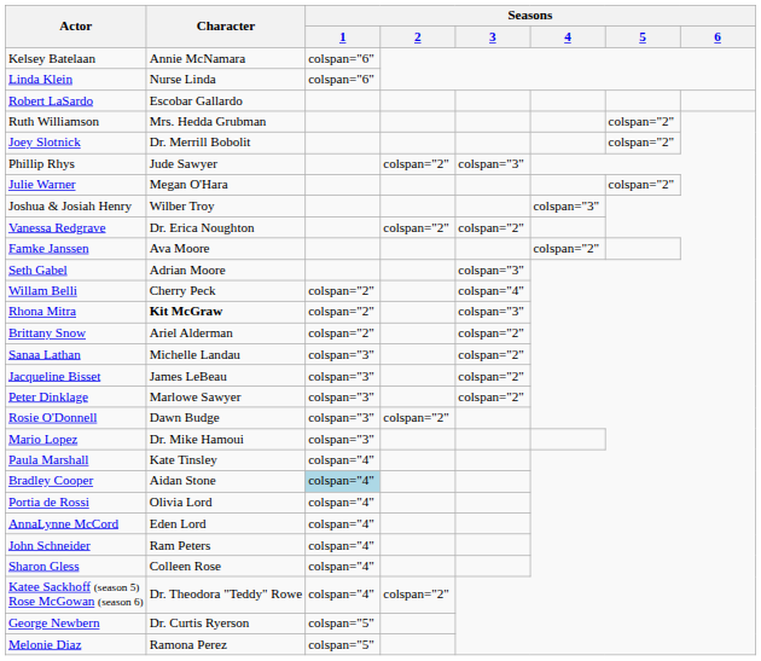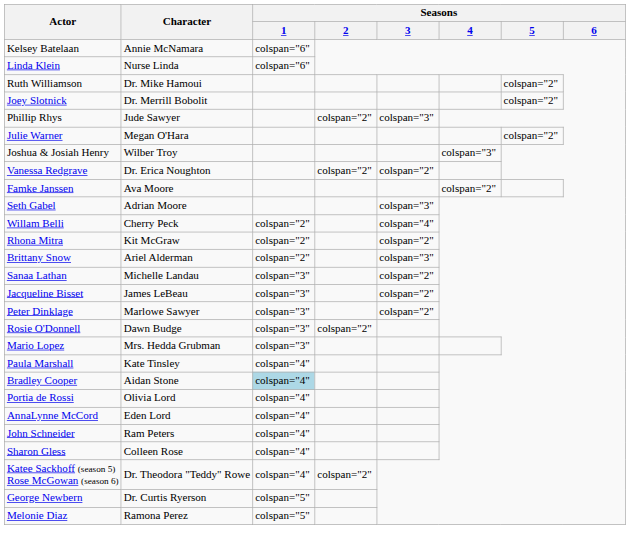 <table class="wikitable plainrowheaders">
 <tr>
 <th scope="col" rowspan="2">Actor</th>
 <th scope="col" rowspan="2">Character</th>
 <th scope="col" colspan="6">Seasons</th>
 </tr>
 <tr>
 <th style="width:10%;"><a href='#'>1</a></th>
 <th style="width:10%;"><a href='#'>2</a></th>
 <th style="width:10%;"><a href='#'>3</a></th>
 <th style="width:10%;"><a href='#'>4</a></th>
 <th style="width:10%;"><a href='#'>5</a></th>
 <th style="width:10%;"><a href='#'>6</a></th>
 </tr>
 <tr>
 <td>Kelsey Batelaan</td>
 <td>Annie McNamara</td>
 <td>colspan="6" </td>
 </tr>
 <tr>
 <td><a href='#'>Linda Klein</a></td>
 <td>Nurse Linda</td>
 <td>colspan="6" </td>
 </tr>
 <tr>
-<td><a href='#'>Robert LaSardo</a></td>
-<td>Escobar Gallardo</td>
-<td></td>
-<td></td>
-<td></td>
-<td></td>
-<td></td>
-<td></td>
-</tr>
-<tr>
 <td>Ruth Williamson</td>
-<td>Mrs. Hedda Grubman</td>
+<td>Dr. Mike Hamoui</td>
 <td></td>
 <td></td>
 <td></td>
 <td></td>
 <td>colspan="2" </td>
 </tr>
 <tr>
 <td><a href='#'>Joey Slotnick</a></td>
 <td>Dr. Merrill Bobolit</td>
 <td></td>
 <td></td>
 <td></td>
 <td></td>
 <td>colspan="2" </td>
 </tr>
 <tr>
 <td>Phillip Rhys</td>
 <td>Jude Sawyer</td>
 <td></td>
 <td>colspan="2" </td>
 <td>colspan="3" </td>
 </tr>
 <tr>
 <td><a href='#'>Julie Warner</a></td>
 <td>Megan O'Hara</td>
 <td></td>
 <td></td>
 <td></td>
 <td></td>
 <td>colspan="2" </td>
 </tr>
 <tr>
 <td>Joshua & Josiah Henry</td>
 <td>Wilber Troy</td>
 <td></td>
 <td></td>
 <td></td>
 <td>colspan="3" </td>
 </tr>
 <tr>
 <td><a href='#'>Vanessa Redgrave</a></td>
 <td>Dr. Erica Noughton</td>
 <td></td>
 <td>colspan="2" </td>
 <td>colspan="2" </td>
 <td></td>
 </tr>
 <tr>
 <td><a href='#'>Famke Janssen</a></td>
 <td>Ava Moore</td>
 <td></td>
 <td></td>
 <td></td>
 <td>colspan="2" </td>
 <td></td>
 </tr>
 <tr>
 <td><a href='#'>Seth Gabel</a></td>
 <td>Adrian Moore</td>
 <td></td>
 <td></td>
 <td>colspan="3" </td>
 </tr>
 <tr>
 <td><a href='#'>Willam Belli</a></td>
 <td>Cherry Peck</td>
 <td>colspan="2" </td>
 <td></td>
 <td>colspan="4" </td>
 </tr>
 <tr>
 <td><a href='#'>Rhona Mitra</a></td>
-<td><strong>Kit McGraw</strong></td>
+<td>Kit McGraw</td>
 <td>colspan="2" </td>
 <td></td>
-<td>colspan="3" </td>
+<td>colspan="2" </td>
 </tr>
 <tr>
 <td><a href='#'>Brittany Snow</a></td>
 <td>Ariel Alderman</td>
 <td>colspan="2" </td>
 <td></td>
-<td>colspan="2" </td>
+<td>colspan="3" </td>
 </tr>
 <tr>
 <td><a href='#'>Sanaa Lathan</a></td>
 <td>Michelle Landau</td>
 <td>colspan="3" </td>
 <td></td>
 <td>colspan="2" </td>
 </tr>
 <tr>
 <td><a href='#'>Jacqueline Bisset</a></td>
 <td>James LeBeau</td>
 <td>colspan="3" </td>
 <td></td>
 <td>colspan="2" </td>
 </tr>
 <tr>
 <td><a href='#'>Peter Dinklage</a></td>
 <td>Marlowe Sawyer</td>
 <td>colspan="3" </td>
 <td></td>
 <td>colspan="2" </td>
 </tr>
 <tr>
 <td><a href='#'>Rosie O'Donnell</a></td>
 <td>Dawn Budge</td>
 <td>colspan="3" </td>
 <td>colspan="2" </td>
 <td></td>
 </tr>
 <tr>
 <td><a href='#'>Mario Lopez</a></td>
-<td>Dr. Mike Hamoui</td>
+<td>Mrs. Hedda Grubman</td>
 <td>colspan="3" </td>
 <td></td>
 <td></td>
 <td></td>
 </tr>
 <tr>
 <td><a href='#'>Paula Marshall</a></td>
 <td>Kate Tinsley</td>
 <td>colspan="4" </td>
 <td></td>
 <td></td>
 </tr>
 <tr>
 <td><a href='#'>Bradley Cooper</a></td>
 <td>Aidan Stone</td>
 <td style="background: lightblue;">colspan="4" </td>
 <td></td>
 <td></td>
 </tr>
 <tr>
 <td><a href='#'>Portia de Rossi</a></td>
 <td>Olivia Lord</td>
 <td>colspan="4" </td>
 <td></td>
 <td></td>
 </tr>
 <tr>
 <td><a href='#'>AnnaLynne McCord</a></td>
 <td>Eden Lord</td>
 <td>colspan="4" </td>
 <td></td>
 <td></td>
 </tr>
 <tr>
 <td><a href='#'>John Schneider</a></td>
 <td>Ram Peters</td>
 <td>colspan="4" </td>
 <td></td>
 <td></td>
 </tr>
 <tr>
 <td><a href='#'>Sharon Gless</a></td>
 <td>Colleen Rose</td>
 <td>colspan="4" </td>
 <td></td>
 <td></td>
 </tr>
 <tr>
 <td><a href='#'>Katee Sackhoff</a> <small>(season 5)</small> <br> <a href='#'>Rose McGowan</a> <small>(season 6)</small></td>
 <td>Dr. Theodora "Teddy" Rowe</td>
 <td>colspan="4" </td>
 <td>colspan="2" </td>
 </tr>
 <tr>
 <td><a href='#'>George Newbern</a></td>
 <td>Dr. Curtis Ryerson</td>
 <td>colspan="5" </td>
 <td></td>
 </tr>
 <tr>
 <td><a href='#'>Melonie Diaz</a></td>
 <td>Ramona Perez</td>
 <td>colspan="5" </td>
 <td></td>
 </tr>
 </table>
